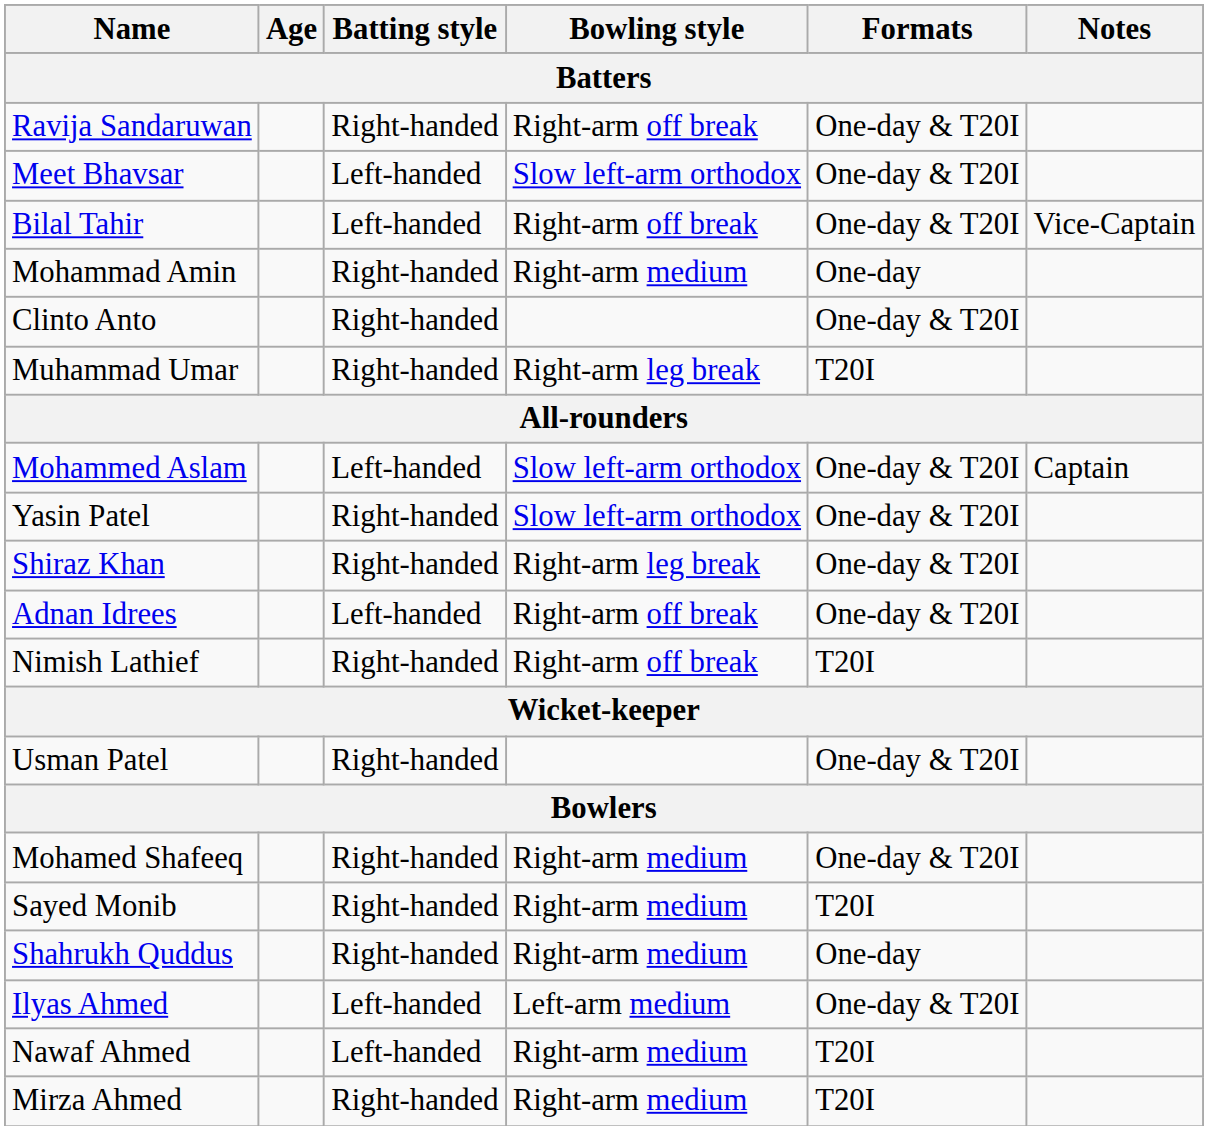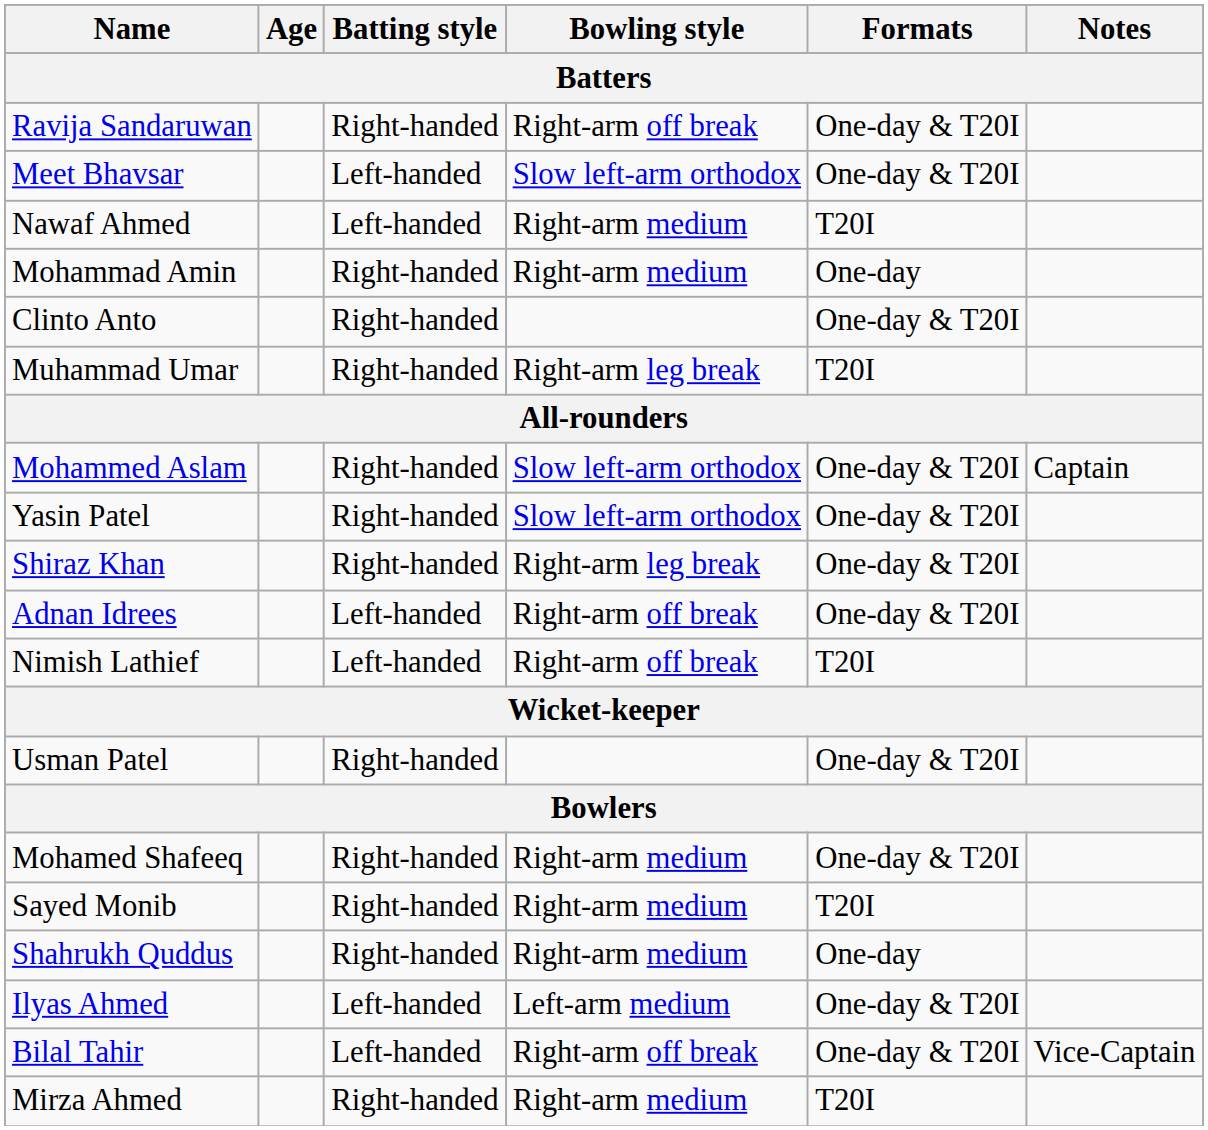 <table class="wikitable">
 <tr>
 <th style="text-align:center;">Name</th>
 <th style="text-align:center;">Age</th>
 <th style="text-align:center;">Batting style</th>
 <th style="text-align:center;">Bowling style</th>
 <th style="text-align:center;">Formats</th>
 <th style="text-align:center;">Notes</th>
 </tr>
 <tr>
 <th colspan="6">Batters</th>
 </tr>
 <tr>
 <td><a href='#'>Ravija Sandaruwan</a></td>
 <td></td>
 <td>Right-handed</td>
 <td>Right-arm <a href='#'>off break</a></td>
 <td>One-day & T20I</td>
 <td></td>
 </tr>
 <tr>
 <td><a href='#'>Meet Bhavsar</a></td>
 <td></td>
 <td>Left-handed</td>
 <td><a href='#'>Slow left-arm orthodox</a></td>
 <td>One-day & T20I</td>
 <td></td>
 </tr>
 <tr>
-<td><a href='#'>Bilal Tahir</a></td>
+<td>Nawaf Ahmed</td>
 <td></td>
 <td>Left-handed</td>
-<td>Right-arm <a href='#'>off break</a></td>
-<td>One-day & T20I</td>
-<td>Vice-Captain</td>
+<td>Right-arm <a href='#'>medium</a></td>
+<td>T20I</td>
+<td></td>
 </tr>
 <tr>
 <td>Mohammad Amin</td>
 <td></td>
 <td>Right-handed</td>
 <td>Right-arm <a href='#'>medium</a></td>
 <td>One-day</td>
 <td></td>
 </tr>
 <tr>
 <td>Clinto Anto</td>
 <td></td>
 <td>Right-handed</td>
 <td></td>
 <td>One-day & T20I</td>
 <td></td>
 </tr>
 <tr>
 <td>Muhammad Umar</td>
 <td></td>
 <td>Right-handed</td>
 <td>Right-arm <a href='#'>leg break</a></td>
 <td>T20I</td>
 <td></td>
 </tr>
 <tr>
 <th colspan="6">All-rounders</th>
 </tr>
 <tr>
 <td><a href='#'>Mohammed Aslam</a></td>
 <td></td>
-<td>Left-handed</td>
+<td>Right-handed</td>
 <td><a href='#'>Slow left-arm orthodox</a></td>
 <td>One-day & T20I</td>
 <td>Captain</td>
 </tr>
 <tr>
 <td>Yasin Patel</td>
 <td></td>
 <td>Right-handed</td>
 <td><a href='#'>Slow left-arm orthodox</a></td>
 <td>One-day & T20I</td>
 <td></td>
 </tr>
 <tr>
 <td><a href='#'>Shiraz Khan</a></td>
 <td></td>
 <td>Right-handed</td>
 <td>Right-arm <a href='#'>leg break</a></td>
 <td>One-day & T20I</td>
 <td></td>
 </tr>
 <tr>
 <td><a href='#'>Adnan Idrees</a></td>
 <td></td>
 <td>Left-handed</td>
 <td>Right-arm <a href='#'>off break</a></td>
 <td>One-day & T20I</td>
 <td></td>
 </tr>
 <tr>
 <td>Nimish Lathief</td>
 <td></td>
-<td>Right-handed</td>
+<td>Left-handed</td>
 <td>Right-arm <a href='#'>off break</a></td>
 <td>T20I</td>
 <td></td>
 </tr>
 <tr>
 <th colspan="6">Wicket-keeper</th>
 </tr>
 <tr>
 <td>Usman Patel</td>
 <td></td>
 <td>Right-handed</td>
 <td></td>
 <td>One-day & T20I</td>
 <td></td>
 </tr>
 <tr>
 <th colspan="6">Bowlers</th>
 </tr>
 <tr>
 <td>Mohamed Shafeeq</td>
 <td></td>
 <td>Right-handed</td>
 <td>Right-arm <a href='#'>medium</a></td>
 <td>One-day & T20I</td>
 <td></td>
 </tr>
 <tr>
 <td>Sayed Monib</td>
 <td></td>
 <td>Right-handed</td>
 <td>Right-arm <a href='#'>medium</a></td>
 <td>T20I</td>
 <td></td>
 </tr>
 <tr>
 <td><a href='#'>Shahrukh Quddus</a></td>
 <td></td>
 <td>Right-handed</td>
 <td>Right-arm <a href='#'>medium</a></td>
 <td>One-day</td>
 <td></td>
 </tr>
 <tr>
 <td><a href='#'>Ilyas Ahmed</a></td>
 <td></td>
 <td>Left-handed</td>
 <td>Left-arm <a href='#'>medium</a></td>
 <td>One-day & T20I</td>
 <td></td>
 </tr>
 <tr>
-<td>Nawaf Ahmed</td>
+<td><a href='#'>Bilal Tahir</a></td>
 <td></td>
 <td>Left-handed</td>
-<td>Right-arm <a href='#'>medium</a></td>
-<td>T20I</td>
-<td></td>
+<td>Right-arm <a href='#'>off break</a></td>
+<td>One-day & T20I</td>
+<td>Vice-Captain</td>
 </tr>
 <tr>
 <td>Mirza Ahmed</td>
 <td></td>
 <td>Right-handed</td>
 <td>Right-arm <a href='#'>medium</a></td>
 <td>T20I</td>
 <td></td>
 </tr>
 </table>
